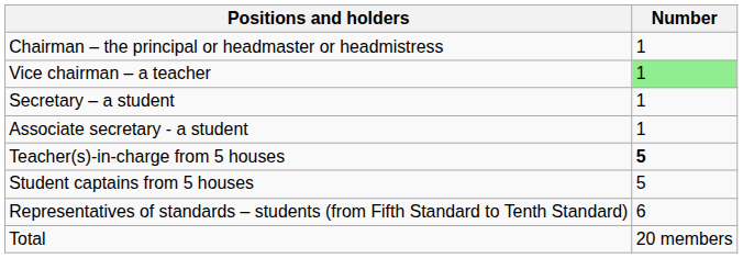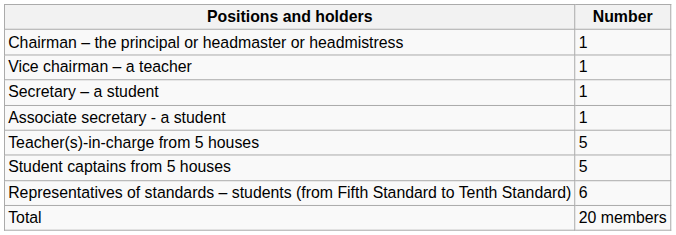 <table class="wikitable sortable">
 <tr>
 <th>Positions and holders</th>
 <th>Number</th>
 </tr>
 <tr>
 <td>Chairman – the principal or headmaster or headmistress</td>
 <td>1</td>
 </tr>
 <tr>
 <td>Vice chairman – a teacher</td>
-<td style="background: lightgreen;">1</td>
+<td>1</td>
 </tr>
 <tr>
 <td>Secretary – a student</td>
 <td>1</td>
 </tr>
 <tr>
 <td>Associate secretary - a student</td>
 <td>1</td>
 </tr>
 <tr>
 <td>Teacher(s)-in-charge from 5 houses</td>
-<td><strong>5</strong></td>
+<td>5</td>
 </tr>
 <tr>
 <td>Student captains from 5 houses</td>
 <td>5</td>
 </tr>
 <tr>
 <td>Representatives of standards – students (from Fifth Standard to Tenth Standard)</td>
 <td>6</td>
 </tr>
 <tr>
 <td>Total</td>
 <td>20 members</td>
 </tr>
 </table>
